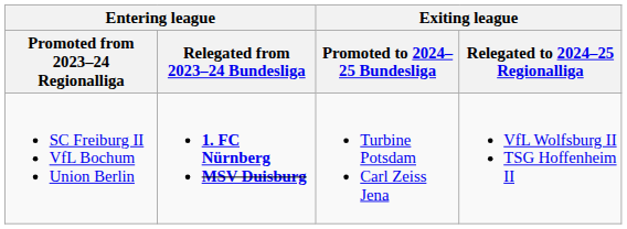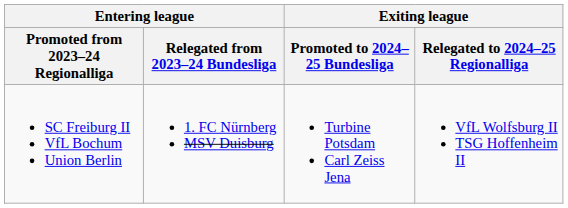 <table class="wikitable">
 <tr>
 <th colspan="2">Entering league</th>
 <th colspan="3">Exiting league</th>
 </tr>
 <tr>
 <th>Promoted from 2023–24 Regionalliga</th>
 <th>Relegated from <a href='#'>2023–24 Bundesliga</a></th>
 <th>Promoted to <a href='#'>2024–25 Bundesliga</a></th>
 <th colspan=2>Relegated to <a href='#'>2024–25 Regionalliga</a></th>
 </tr>
 <tr style="vertical-align:top;">
 <td><br><ul><li><a href='#'>SC Freiburg II</a></li><li><a href='#'>VfL Bochum</a></li><li><a href='#'>Union Berlin</a></li></ul></td>
-<td><strong><br><ul><li><a href='#'>1. FC Nürnberg</a></li><li><s><a href='#'>MSV Duisburg</a></s></li></ul></strong></td>
+<td><br><ul><li><a href='#'>1. FC Nürnberg</a></li><li><s><a href='#'>MSV Duisburg</a></s></li></ul></td>
 <td><br><ul><li><a href='#'>Turbine Potsdam</a></li><li><a href='#'>Carl Zeiss Jena</a></li></ul></td>
 <td><br><ul><li><a href='#'>VfL Wolfsburg II</a></li><li><a href='#'>TSG Hoffenheim II</a></li></ul></td>
 </tr>
 </table>
